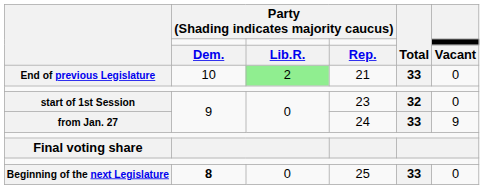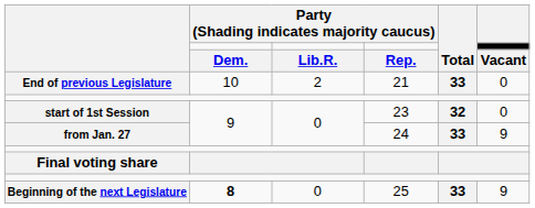 <table class=wikitable style="text-align:center">
 <tr style="vertical-align:bottom;">
 <th rowspan=3></th>
 <th colspan=3>Party <div>(Shading indicates majority caucus)</div></th>
 <th rowspan=3>Total</th>
 <th></th>
 </tr>
 <tr style="height:5px">
 <td style="background-color:"></td>
 <td style="background-color:"></td>
 <td style="background-color:"></td>
 <td style="background:black;"></td>
 </tr>
 <tr>
 <th><a href='#'>Dem.</a></th>
 <th><a href='#'>Lib.R.</a></th>
 <th><a href='#'>Rep.</a></th>
 <th>Vacant</th>
 </tr>
 <tr>
 <th style="font-size:80%;">End of <a href='#'>previous Legislature</a></th>
 <td>10</td>
-<td style="background: lightgreen;">2</td>
+<td>2</td>
 <td>21</td>
 <th>33</th>
 <td>0</td>
 </tr>
 <tr>
 <td colspan=6></td>
 </tr>
 <tr>
 <th style="font-size:80%;">start of 1st Session</th>
 <td rowspan="2">9</td>
 <td rowspan="2">0</td>
 <td>23</td>
 <th>32</th>
 <td>0</td>
 </tr>
 <tr>
 <th style="font-size:80%;">from Jan. 27</th>
 <td>24</td>
 <th>33</th>
 <td>9</td>
 </tr>
 <tr>
 <td colspan=6></td>
 </tr>
 <tr>
 <th>Final voting share</th>
 <th colspan=2></th>
 <th></th>
 <th colspan=2></th>
 </tr>
 <tr>
 <td colspan=6></td>
 </tr>
 <tr>
 <th style="font-size:80%;">Beginning of the <a href='#'>next Legislature</a></th>
 <td><strong>8</strong></td>
 <td>0</td>
 <td>25</td>
 <th>33</th>
-<td>0</td>
+<td>9</td>
 </tr>
 </table>
